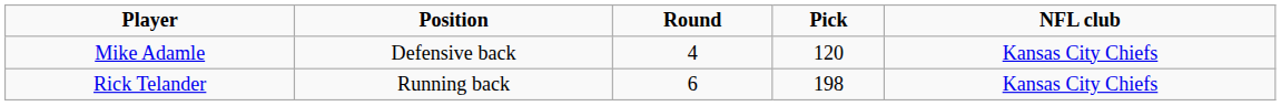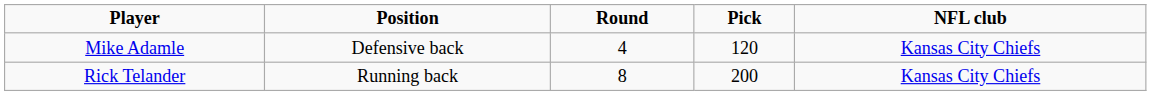 <table class="wikitable" width="80%">
 <tr align="center">
 <td><strong>Player</strong></td>
 <td><strong>Position</strong></td>
 <td><strong>Round</strong></td>
 <td><strong>Pick</strong></td>
 <td><strong>NFL club</strong></td>
 </tr>
 <tr align="center" bgcolor="">
 <td><a href='#'>Mike Adamle</a></td>
 <td>Defensive back</td>
 <td>4</td>
 <td>120</td>
 <td><a href='#'>Kansas City Chiefs</a></td>
 </tr>
 <tr align="center" bgcolor="">
 <td><a href='#'>Rick Telander</a></td>
 <td>Running back</td>
-<td>6</td>
-<td>198</td>
+<td>8</td>
+<td>200</td>
 <td><a href='#'>Kansas City Chiefs</a></td>
 </tr>
 </table>
